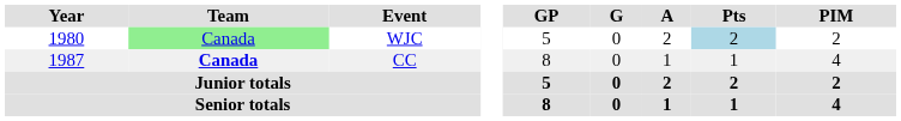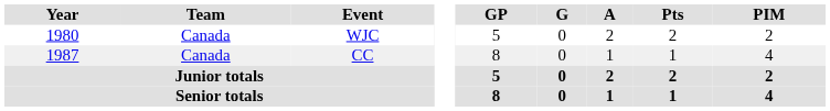 <table border="0" cellpadding="1" cellspacing="0" style="text-align:center; width:50em">
 <tr ALIGN="center" bgcolor="#e0e0e0">
 <th>Year</th>
 <th>Team</th>
 <th>Event</th>
 <th rowspan="99" bgcolor="#ffffff"> </th>
 <th>GP</th>
 <th>G</th>
 <th>A</th>
 <th>Pts</th>
 <th>PIM</th>
 </tr>
 <tr>
 <td><a href='#'>1980</a></td>
-<td style="background: lightgreen;"><a href='#'>Canada</a></td>
+<td><a href='#'>Canada</a></td>
 <td><a href='#'>WJC</a></td>
 <td>5</td>
 <td>0</td>
 <td>2</td>
-<td style="background: lightblue;">2</td>
+<td>2</td>
 <td>2</td>
 </tr>
 <tr bgcolor="#f0f0f0">
 <td><a href='#'>1987</a></td>
-<td><strong><a href='#'>Canada</a></strong></td>
+<td><a href='#'>Canada</a></td>
 <td><a href='#'>CC</a></td>
 <td>8</td>
 <td>0</td>
 <td>1</td>
 <td>1</td>
 <td>4</td>
 </tr>
 <tr style="background:#e0e0e0;">
 <th colspan="3">Junior totals</th>
 <th>5</th>
 <th>0</th>
 <th>2</th>
 <th>2</th>
 <th>2</th>
 </tr>
 <tr style="background:#e0e0e0;">
 <th colspan="3">Senior totals</th>
 <th>8</th>
 <th>0</th>
 <th>1</th>
 <th>1</th>
 <th>4</th>
 </tr>
 </table>
